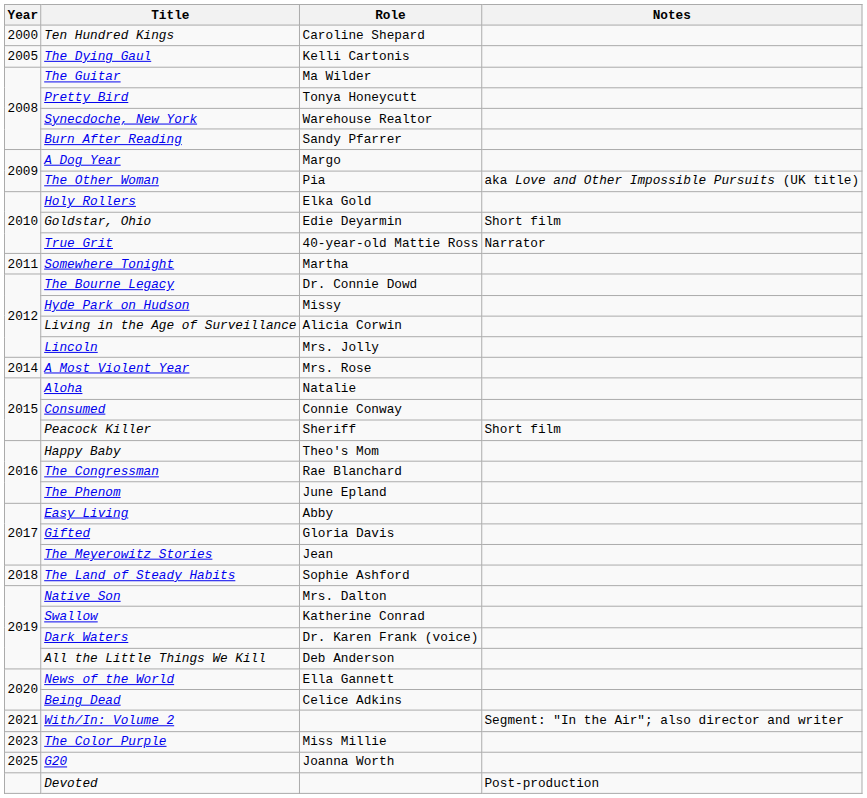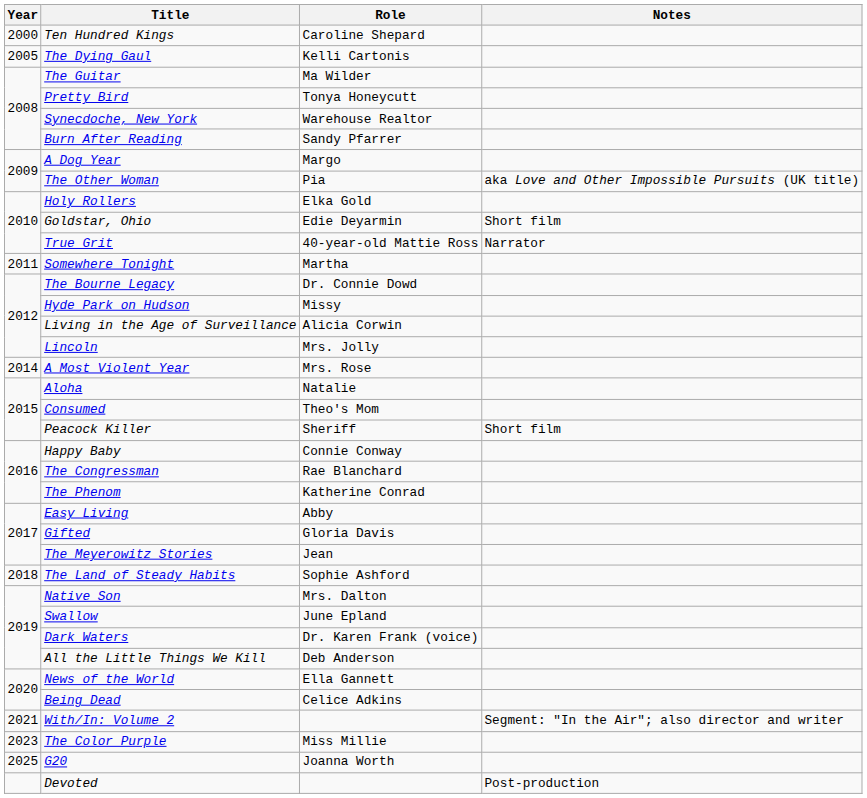 <table class="wikitable sortable">
 <tr>
 <th>Year</th>
 <th>Title</th>
 <th>Role</th>
 <th class="unsortable">Notes</th>
 </tr>
 <tr>
 <td>2000</td>
 <td><em>Ten Hundred Kings</em></td>
 <td>Caroline Shepard</td>
 <td></td>
 </tr>
 <tr>
 <td>2005</td>
 <td><em><a href='#'>The Dying Gaul</a></em></td>
 <td>Kelli Cartonis</td>
 <td></td>
 </tr>
 <tr>
 <td rowspan="4">2008</td>
 <td><em><a href='#'>The Guitar</a></em></td>
 <td>Ma Wilder</td>
 <td></td>
 </tr>
 <tr>
 <td><em><a href='#'>Pretty Bird</a></em></td>
 <td>Tonya Honeycutt</td>
 <td></td>
 </tr>
 <tr>
 <td><em><a href='#'>Synecdoche, New York</a></em></td>
 <td>Warehouse Realtor</td>
 <td></td>
 </tr>
 <tr>
 <td><em><a href='#'>Burn After Reading</a></em></td>
 <td>Sandy Pfarrer</td>
 <td></td>
 </tr>
 <tr>
 <td rowspan="2">2009</td>
 <td><em><a href='#'>A Dog Year</a></em></td>
 <td>Margo</td>
 <td></td>
 </tr>
 <tr>
 <td><em><a href='#'>The Other Woman</a></em></td>
 <td>Pia</td>
 <td>aka <em>Love and Other Impossible Pursuits</em> (UK title)</td>
 </tr>
 <tr>
 <td rowspan="3">2010</td>
 <td><em><a href='#'>Holy Rollers</a></em></td>
 <td>Elka Gold</td>
 <td></td>
 </tr>
 <tr>
 <td><em>Goldstar, Ohio</em></td>
 <td>Edie Deyarmin</td>
 <td>Short film</td>
 </tr>
 <tr>
 <td><em><a href='#'>True Grit</a></em></td>
 <td>40-year-old Mattie Ross</td>
 <td>Narrator</td>
 </tr>
 <tr>
 <td>2011</td>
 <td><em><a href='#'>Somewhere Tonight</a></em></td>
 <td>Martha</td>
 <td></td>
 </tr>
 <tr>
 <td rowspan="4">2012</td>
 <td><em><a href='#'>The Bourne Legacy</a></em></td>
 <td>Dr. Connie Dowd</td>
 <td></td>
 </tr>
 <tr>
 <td><em><a href='#'>Hyde Park on Hudson</a></em></td>
 <td>Missy</td>
 <td></td>
 </tr>
 <tr>
 <td><em>Living in the Age of Surveillance</em></td>
 <td>Alicia Corwin</td>
 <td></td>
 </tr>
 <tr>
 <td><em><a href='#'>Lincoln</a></em></td>
 <td>Mrs. Jolly</td>
 <td></td>
 </tr>
 <tr>
 <td>2014</td>
 <td><em><a href='#'>A Most Violent Year</a></em></td>
 <td>Mrs. Rose</td>
 <td></td>
 </tr>
 <tr>
 <td rowspan="3">2015</td>
 <td><em><a href='#'>Aloha</a></em></td>
 <td>Natalie</td>
 <td></td>
 </tr>
 <tr>
 <td><em><a href='#'>Consumed</a></em></td>
-<td>Connie Conway</td>
+<td>Theo's Mom</td>
 <td></td>
 </tr>
 <tr>
 <td><em>Peacock Killer</em></td>
 <td>Sheriff</td>
 <td>Short film</td>
 </tr>
 <tr>
 <td rowspan="3">2016</td>
 <td><em>Happy Baby</em></td>
-<td>Theo's Mom</td>
+<td>Connie Conway</td>
 </tr>
 <tr>
 <td><em><a href='#'>The Congressman</a></em></td>
 <td>Rae Blanchard</td>
 <td></td>
 </tr>
 <tr>
 <td><em><a href='#'>The Phenom</a></em></td>
-<td>June Epland</td>
+<td>Katherine Conrad</td>
 <td></td>
 </tr>
 <tr>
 <td rowspan="3">2017</td>
 <td><em><a href='#'>Easy Living</a></em></td>
 <td>Abby</td>
 <td></td>
 </tr>
 <tr>
 <td><em><a href='#'>Gifted</a></em></td>
 <td>Gloria Davis</td>
 <td></td>
 </tr>
 <tr>
 <td><em><a href='#'>The Meyerowitz Stories</a></em></td>
 <td>Jean</td>
 <td></td>
 </tr>
 <tr>
 <td>2018</td>
 <td><em><a href='#'>The Land of Steady Habits</a></em></td>
 <td>Sophie Ashford</td>
 <td></td>
 </tr>
 <tr>
 <td rowspan="4">2019</td>
 <td><em><a href='#'>Native Son</a></em></td>
 <td>Mrs. Dalton</td>
 <td></td>
 </tr>
 <tr>
 <td><em><a href='#'>Swallow</a></em></td>
-<td>Katherine Conrad</td>
+<td>June Epland</td>
 <td></td>
 </tr>
 <tr>
 <td><em><a href='#'>Dark Waters</a></em></td>
 <td>Dr. Karen Frank (voice)</td>
 <td></td>
 </tr>
 <tr>
 <td><em>All the Little Things We Kill</em></td>
 <td>Deb Anderson</td>
 <td></td>
 </tr>
 <tr>
 <td rowspan="2">2020</td>
 <td><em><a href='#'>News of the World</a></em></td>
 <td>Ella Gannett</td>
 <td></td>
 </tr>
 <tr>
 <td><em><a href='#'>Being Dead</a></em></td>
 <td>Celice Adkins</td>
 <td></td>
 </tr>
 <tr>
 <td>2021</td>
 <td><em><a href='#'>With/In: Volume 2</a></em></td>
 <td></td>
 <td>Segment: "In the Air"; also director and writer</td>
 </tr>
 <tr>
 <td>2023</td>
 <td><em><a href='#'>The Color Purple</a></em></td>
 <td>Miss Millie</td>
 <td></td>
 </tr>
 <tr>
 <td>2025</td>
 <td><em><a href='#'>G20</a></em></td>
 <td>Joanna Worth</td>
 <td></td>
 </tr>
 <tr>
 <td></td>
 <td><em>Devoted</em></td>
 <td></td>
 <td>Post-production</td>
 </tr>
 </table>
